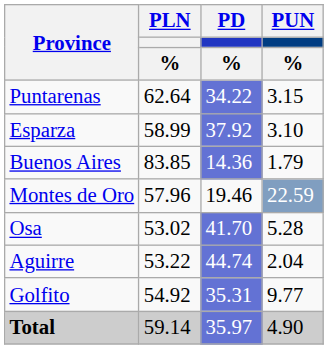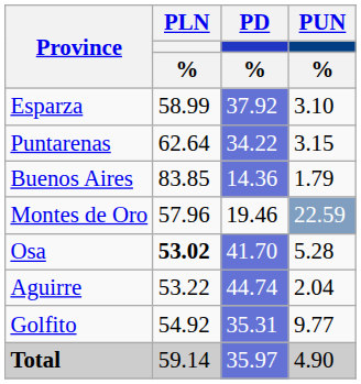 <table class="wikitable mw-collapsible mw-collapsed">
 <tr>
 <th rowspan="3"><a href='#'>Province</a></th>
 <th colspan="1" width="40px"><a href='#'>PLN</a></th>
 <th colspan="1" width="40px"><a href='#'>PD</a></th>
 <th colspan="1" width="40px"><a href='#'>PUN</a></th>
 </tr>
 <tr>
 <th colspan="1" style="background:"></th>
 <th colspan="1" style="background:#2136C2"></th>
 <th colspan="1" style="background:#013d82"></th>
 </tr>
 <tr>
 <th data-sort-type="number">%</th>
 <th data-sort-type="number">%</th>
 <th data-sort-type="number">%</th>
 </tr>
 <tr>
+<td align="left"><a href='#'>Esparza</a></td>
+<td style="background:">58.99</td>
+<td style="background:#6372d4; color:white;">37.92</td>
+<td>3.10</td>
+</tr>
+<tr>
 <td align="left"><a href='#'>Puntarenas</a></td>
 <td style="background:">62.64</td>
 <td style="background:#6372d4; color:white;">34.22</td>
 <td>3.15</td>
-</tr>
-<tr>
-<td align="left"><a href='#'>Esparza</a></td>
-<td style="background:">58.99</td>
-<td style="background:#6372d4; color:white;">37.92</td>
-<td>3.10</td>
 </tr>
 <tr>
 <td align="left"><a href='#'>Buenos Aires</a></td>
 <td style="background:">83.85</td>
 <td style="background:#6372d4; color:white;">14.36</td>
 <td>1.79</td>
 </tr>
 <tr>
 <td align="left"><a href='#'>Montes de Oro</a></td>
 <td style="background:">57.96</td>
 <td>19.46</td>
 <td style="background:#809ec0; color:white;">22.59</td>
 </tr>
 <tr>
 <td align="left"><a href='#'>Osa</a></td>
-<td style="background:">53.02</td>
+<td style="background:"><strong>53.02</strong></td>
 <td style="background:#6372d4; color:white;">41.70</td>
 <td>5.28</td>
 </tr>
 <tr>
 <td align="left"><a href='#'>Aguirre</a></td>
 <td style="background:">53.22</td>
 <td style="background:#6372d4; color:white;">44.74</td>
 <td>2.04</td>
 </tr>
 <tr>
 <td align="left"><a href='#'>Golfito</a></td>
 <td style="background:">54.92</td>
 <td style="background:#6372d4; color:white;">35.31</td>
 <td>9.77</td>
 </tr>
 <tr style="background:#CDCDCD;">
 <td align="left"><strong>Total</strong></td>
 <td style="background:">59.14</td>
 <td style="background:#6372d4; color:white;">35.97</td>
 <td>4.90</td>
 </tr>
 </table>
